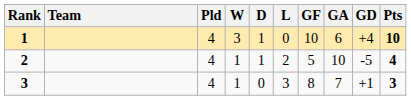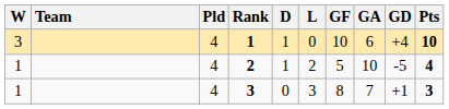 <table class="wikitable" style="text-align: center;">
 <tr>
-<th width=30>Rank</th>
+<th width=20>W</th>
 <th width=165 style="text-align:left;">Team</th>
 <th width=20>Pld</th>
-<th width=20>W</th>
+<th width=30>Rank</th>
 <th width=20>D</th>
 <th width=20>L</th>
 <th width=20>GF</th>
 <th width=20>GA</th>
 <th width=20>GD</th>
 <th width=20>Pts</th>
 </tr>
 <tr style="background:#ffebad;">
-<td><strong>1</strong></td>
+<td>3</td>
 <td style="text-align:left;"></td>
 <td>4</td>
-<td>3</td>
+<td><strong>1</strong></td>
 <td>1</td>
 <td>0</td>
 <td>10</td>
 <td>6</td>
 <td>+4</td>
 <td><strong>10</strong></td>
 </tr>
 <tr>
-<td><strong>2</strong></td>
+<td>1</td>
 <td style="text-align:left;"></td>
 <td>4</td>
-<td>1</td>
+<td><strong>2</strong></td>
 <td>1</td>
 <td>2</td>
 <td>5</td>
 <td>10</td>
 <td>-5</td>
 <td><strong>4</strong></td>
 </tr>
 <tr>
-<td><strong>3</strong></td>
+<td>1</td>
 <td style="text-align:left;"></td>
 <td>4</td>
-<td>1</td>
+<td><strong>3</strong></td>
 <td>0</td>
 <td>3</td>
 <td>8</td>
 <td>7</td>
 <td>+1</td>
 <td><strong>3</strong></td>
 </tr>
 </table>
